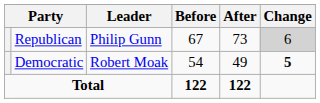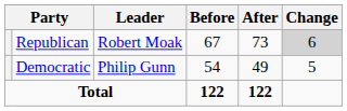 <table class="wikitable" style="text-align:center;">
 <tr>
 </tr>
 <tr>
 <th colspan=2>Party</th>
 <th>Leader</th>
 <th>Before</th>
 <th>After</th>
 <th>Change</th>
 </tr>
 <tr>
 <th style="background-color:"></th>
 <td style="text-align:left;"><a href='#'>Republican</a></td>
-<td style="text-align:left;"><a href='#'>Philip Gunn</a></td>
+<td style="text-align:left;"><a href='#'>Robert Moak</a></td>
 <td>67</td>
 <td>73</td>
 <td style="background: lightgrey;"> 6</td>
 </tr>
 <tr>
 <th style="background-color:"></th>
 <td style="text-align:left;"><a href='#'>Democratic</a></td>
-<td style="text-align:left;"><a href='#'>Robert Moak</a></td>
+<td style="text-align:left;"><a href='#'>Philip Gunn</a></td>
 <td>54</td>
 <td>49</td>
-<td><strong> 5</strong></td>
+<td> 5</td>
 </tr>
 <tr>
 <td colspan=3><strong>Total</strong></td>
 <td><strong>122</strong></td>
 <td><strong>122</strong></td>
 </tr>
 </table>
